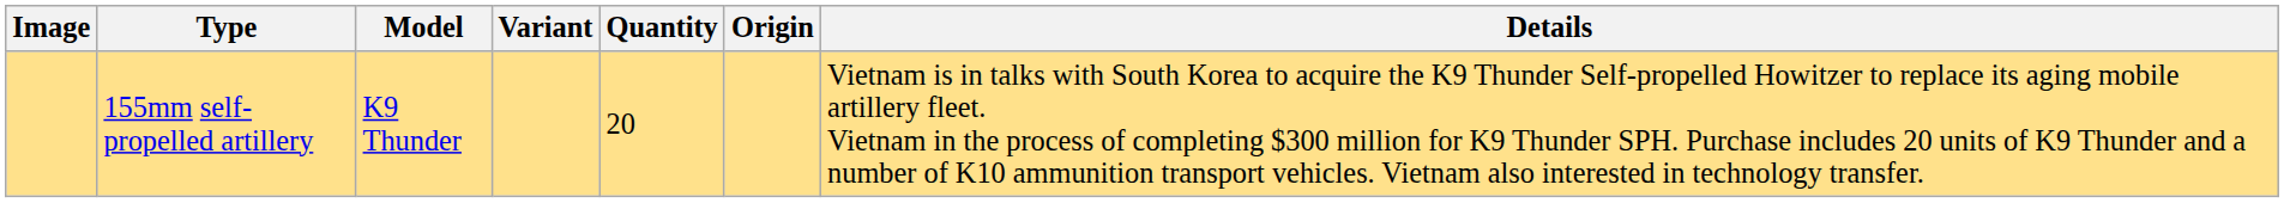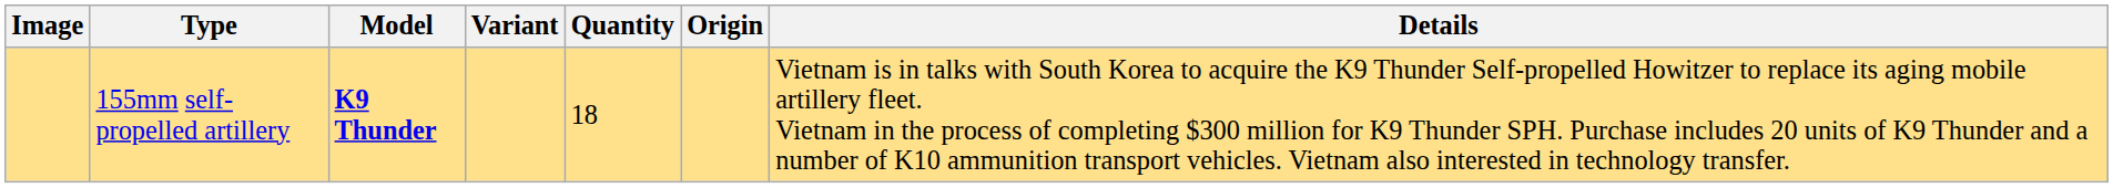 <table class="wikitable">
 <tr>
 <th>Image</th>
 <th>Type</th>
 <th>Model</th>
 <th>Variant</th>
 <th>Quantity</th>
 <th>Origin</th>
 <th>Details</th>
 </tr>
 <tr>
 <td style="background: #FFE18B"></td>
 <td style="background: #FFE18B"><a href='#'>155mm</a> <a href='#'>self-propelled artillery</a></td>
-<td style="background: #FFE18B"><a href='#'>K9 Thunder</a></td>
+<td style="background: #FFE18B"><strong><a href='#'>K9 Thunder</a></strong></td>
 <td style="background: #FFE18B"></td>
-<td style="background: #FFE18B">20</td>
+<td style="background: #FFE18B">18</td>
 <td style="background: #FFE18B"></td>
 <td style="background: #FFE18B">Vietnam is in talks with South Korea to acquire the K9 Thunder Self-propelled Howitzer to replace its aging mobile artillery fleet.<br>Vietnam in the process of completing $300 million for K9 Thunder SPH. Purchase includes 20 units of K9 Thunder and a number of K10 ammunition transport vehicles. Vietnam also interested in technology transfer.</td>
 </tr>
 </table>
